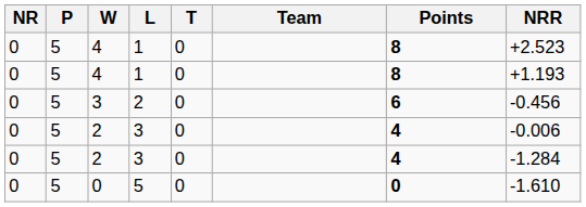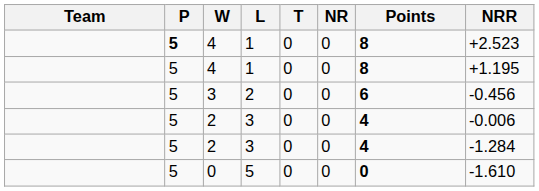 <table class="wikitable">
 <tr>
-<th style="width:30px;" abbr="No result">NR</th>
+<th width=150>Team</th>
 <th style="width:30px;" abbr="Played">P</th>
 <th style="width:30px;" abbr="Won">W</th>
 <th style="width:30px;" abbr="Lost">L</th>
 <th style="width:30px;" abbr="Tied">T</th>
-<th width=150>Team</th>
+<th style="width:30px;" abbr="No result">NR</th>
 <th style="width:100px;" abbr="Points">Points</th>
 <th style="width:60px;" abbr="Net run rate">NRR</th>
 </tr>
 <tr>
+<td style="text-align:left;"></td>
+<td><strong>5</strong></td>
+<td>4</td>
+<td>1</td>
 <td>0</td>
+<td>0</td>
+<td><strong>8</strong></td>
+<td>+2.523</td>
+</tr>
+<tr>
+<td style="text-align:left;"></td>
 <td>5</td>
 <td>4</td>
 <td>1</td>
 <td>0</td>
-<td style="text-align:left;"></td>
+<td>0</td>
 <td><strong>8</strong></td>
-<td>+2.523</td>
+<td>+1.195</td>
 </tr>
 <tr>
-<td>0</td>
-<td>5</td>
-<td>4</td>
-<td>1</td>
-<td>0</td>
 <td style="text-align:left;"></td>
-<td><strong>8</strong></td>
-<td>+1.193</td>
-</tr>
-<tr>
-<td>0</td>
 <td>5</td>
 <td>3</td>
 <td>2</td>
 <td>0</td>
-<td style="text-align:left;"></td>
+<td>0</td>
 <td><strong>6</strong></td>
 <td>-0.456</td>
 </tr>
 <tr>
-<td>0</td>
+<td style="text-align:left;"></td>
 <td>5</td>
 <td>2</td>
 <td>3</td>
 <td>0</td>
-<td style="text-align:left;"></td>
+<td>0</td>
 <td><strong>4</strong></td>
 <td>-0.006</td>
 </tr>
 <tr>
-<td>0</td>
+<td style="text-align:left;"></td>
 <td>5</td>
 <td>2</td>
 <td>3</td>
 <td>0</td>
-<td style="text-align:left;"></td>
+<td>0</td>
 <td><strong>4</strong></td>
 <td>-1.284</td>
 </tr>
 <tr>
-<td>0</td>
+<td style="text-align:left;"></td>
 <td>5</td>
 <td>0</td>
 <td>5</td>
 <td>0</td>
-<td style="text-align:left;"></td>
+<td>0</td>
 <td><strong>0</strong></td>
 <td>-1.610</td>
 </tr>
 </table>
